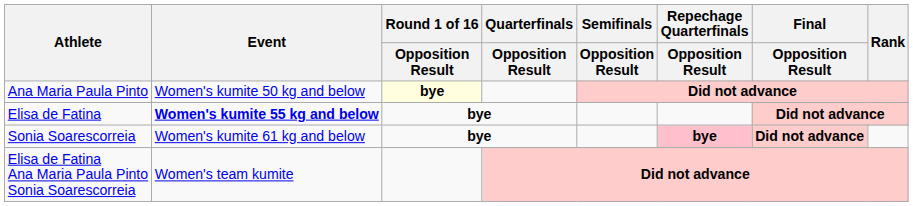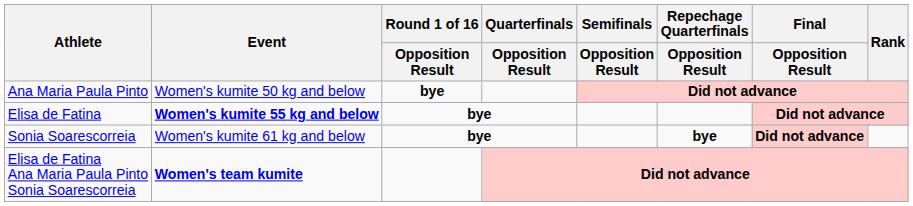 <table class="wikitable" style="font-size:90%">
 <tr>
 <th rowspan="2">Athlete</th>
 <th rowspan="2">Event</th>
 <th>Round 1 of 16</th>
 <th>Quarterfinals</th>
 <th>Semifinals</th>
 <th>Repechage <br> Quarterfinals</th>
 <th>Final</th>
 <th rowspan="2">Rank</th>
 </tr>
 <tr>
 <th>Opposition<br>Result</th>
 <th>Opposition<br>Result</th>
 <th>Opposition<br>Result</th>
 <th>Opposition<br>Result</th>
 <th>Opposition<br>Result</th>
 </tr>
 <tr>
 <td><a href='#'>Ana Maria Paula Pinto</a></td>
 <td><a href='#'>Women's kumite 50 kg and below</a></td>
-<td align=center colspan="1" style="background: lightyellow;"><strong>bye</strong></td>
+<td align=center colspan="1"><strong>bye</strong></td>
 <td></td>
 <td align=center colspan="4" bgcolor="#ffcccc"><strong>Did not advance</strong></td>
 </tr>
 <tr>
 <td><a href='#'>Elisa de Fatina</a></td>
 <td><strong><a href='#'>Women's kumite 55 kg and below</a></strong></td>
 <td align=center colspan="2"><strong>bye</strong></td>
 <td></td>
 <td></td>
 <td align=center colspan="2" bgcolor="#ffcccc"><strong>Did not advance</strong></td>
 </tr>
 <tr>
 <td><a href='#'>Sonia Soarescorreia</a></td>
 <td><a href='#'>Women's kumite 61 kg and below</a></td>
 <td align=center colspan="2"><strong>bye</strong></td>
 <td></td>
-<td align=center colspan="1" style="background: pink;"><strong>bye</strong></td>
+<td align=center colspan="1"><strong>bye</strong></td>
 <td align=center colspan="1" bgcolor="#ffcccc"><strong>Did not advance</strong></td>
 <td></td>
 </tr>
 <tr>
 <td><a href='#'>Elisa de Fatina</a><br><a href='#'>Ana Maria Paula Pinto</a><br><a href='#'>Sonia Soarescorreia</a></td>
-<td><a href='#'>Women's team kumite</a></td>
+<td><strong><a href='#'>Women's team kumite</a></strong></td>
 <td></td>
 <td align=center colspan="5" bgcolor="#ffcccc"><strong>Did not advance</strong></td>
 </tr>
 </table>
